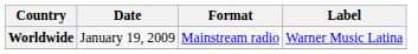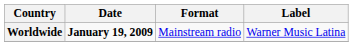 <table class="wikitable plainrowheaders">
 <tr>
 <th scope="col">Country</th>
 <th scope="col">Date</th>
 <th scope="col">Format</th>
 <th scope="col">Label</th>
 </tr>
 <tr>
 <th scope="row" rowspan="">Worldwide</th>
-<td rowspan="">January 19, 2009</td>
+<td rowspan=""><strong>January 19, 2009</strong></td>
 <td rowspan=""><a href='#'>Mainstream radio</a></td>
 <td rowspan=""><a href='#'>Warner Music Latina</a></td>
 </tr>
 <tr>
 </tr>
 </table>
